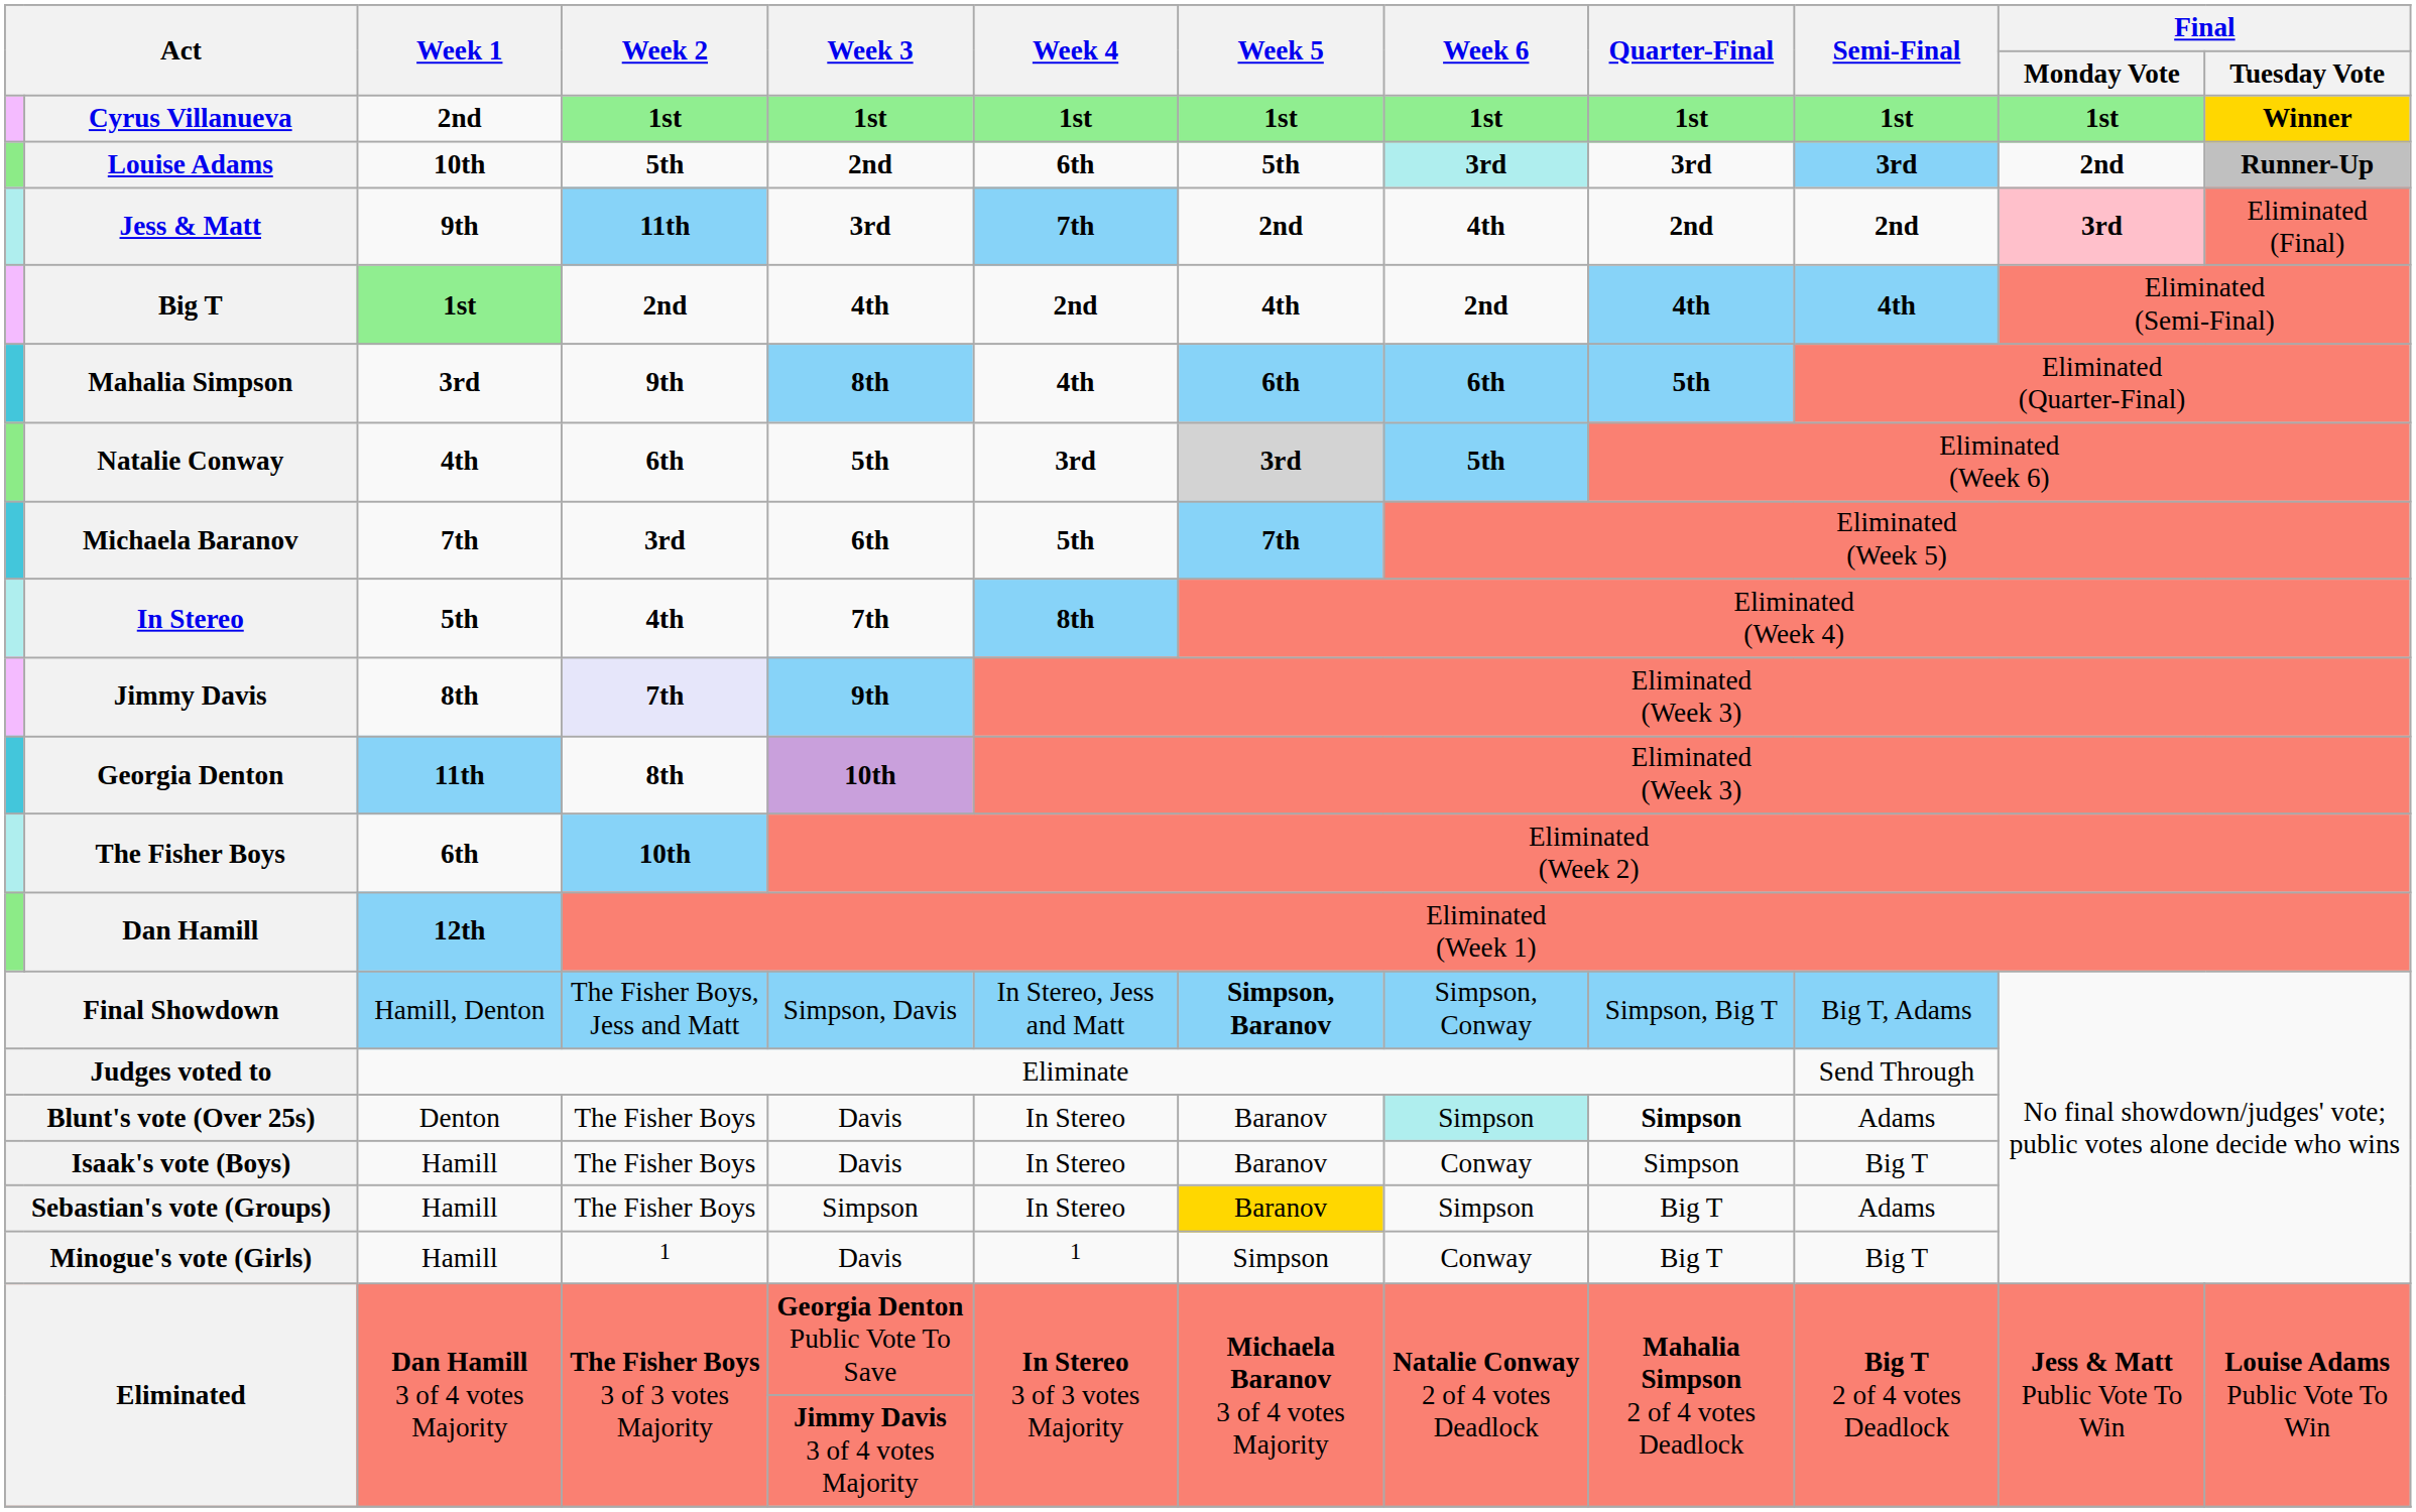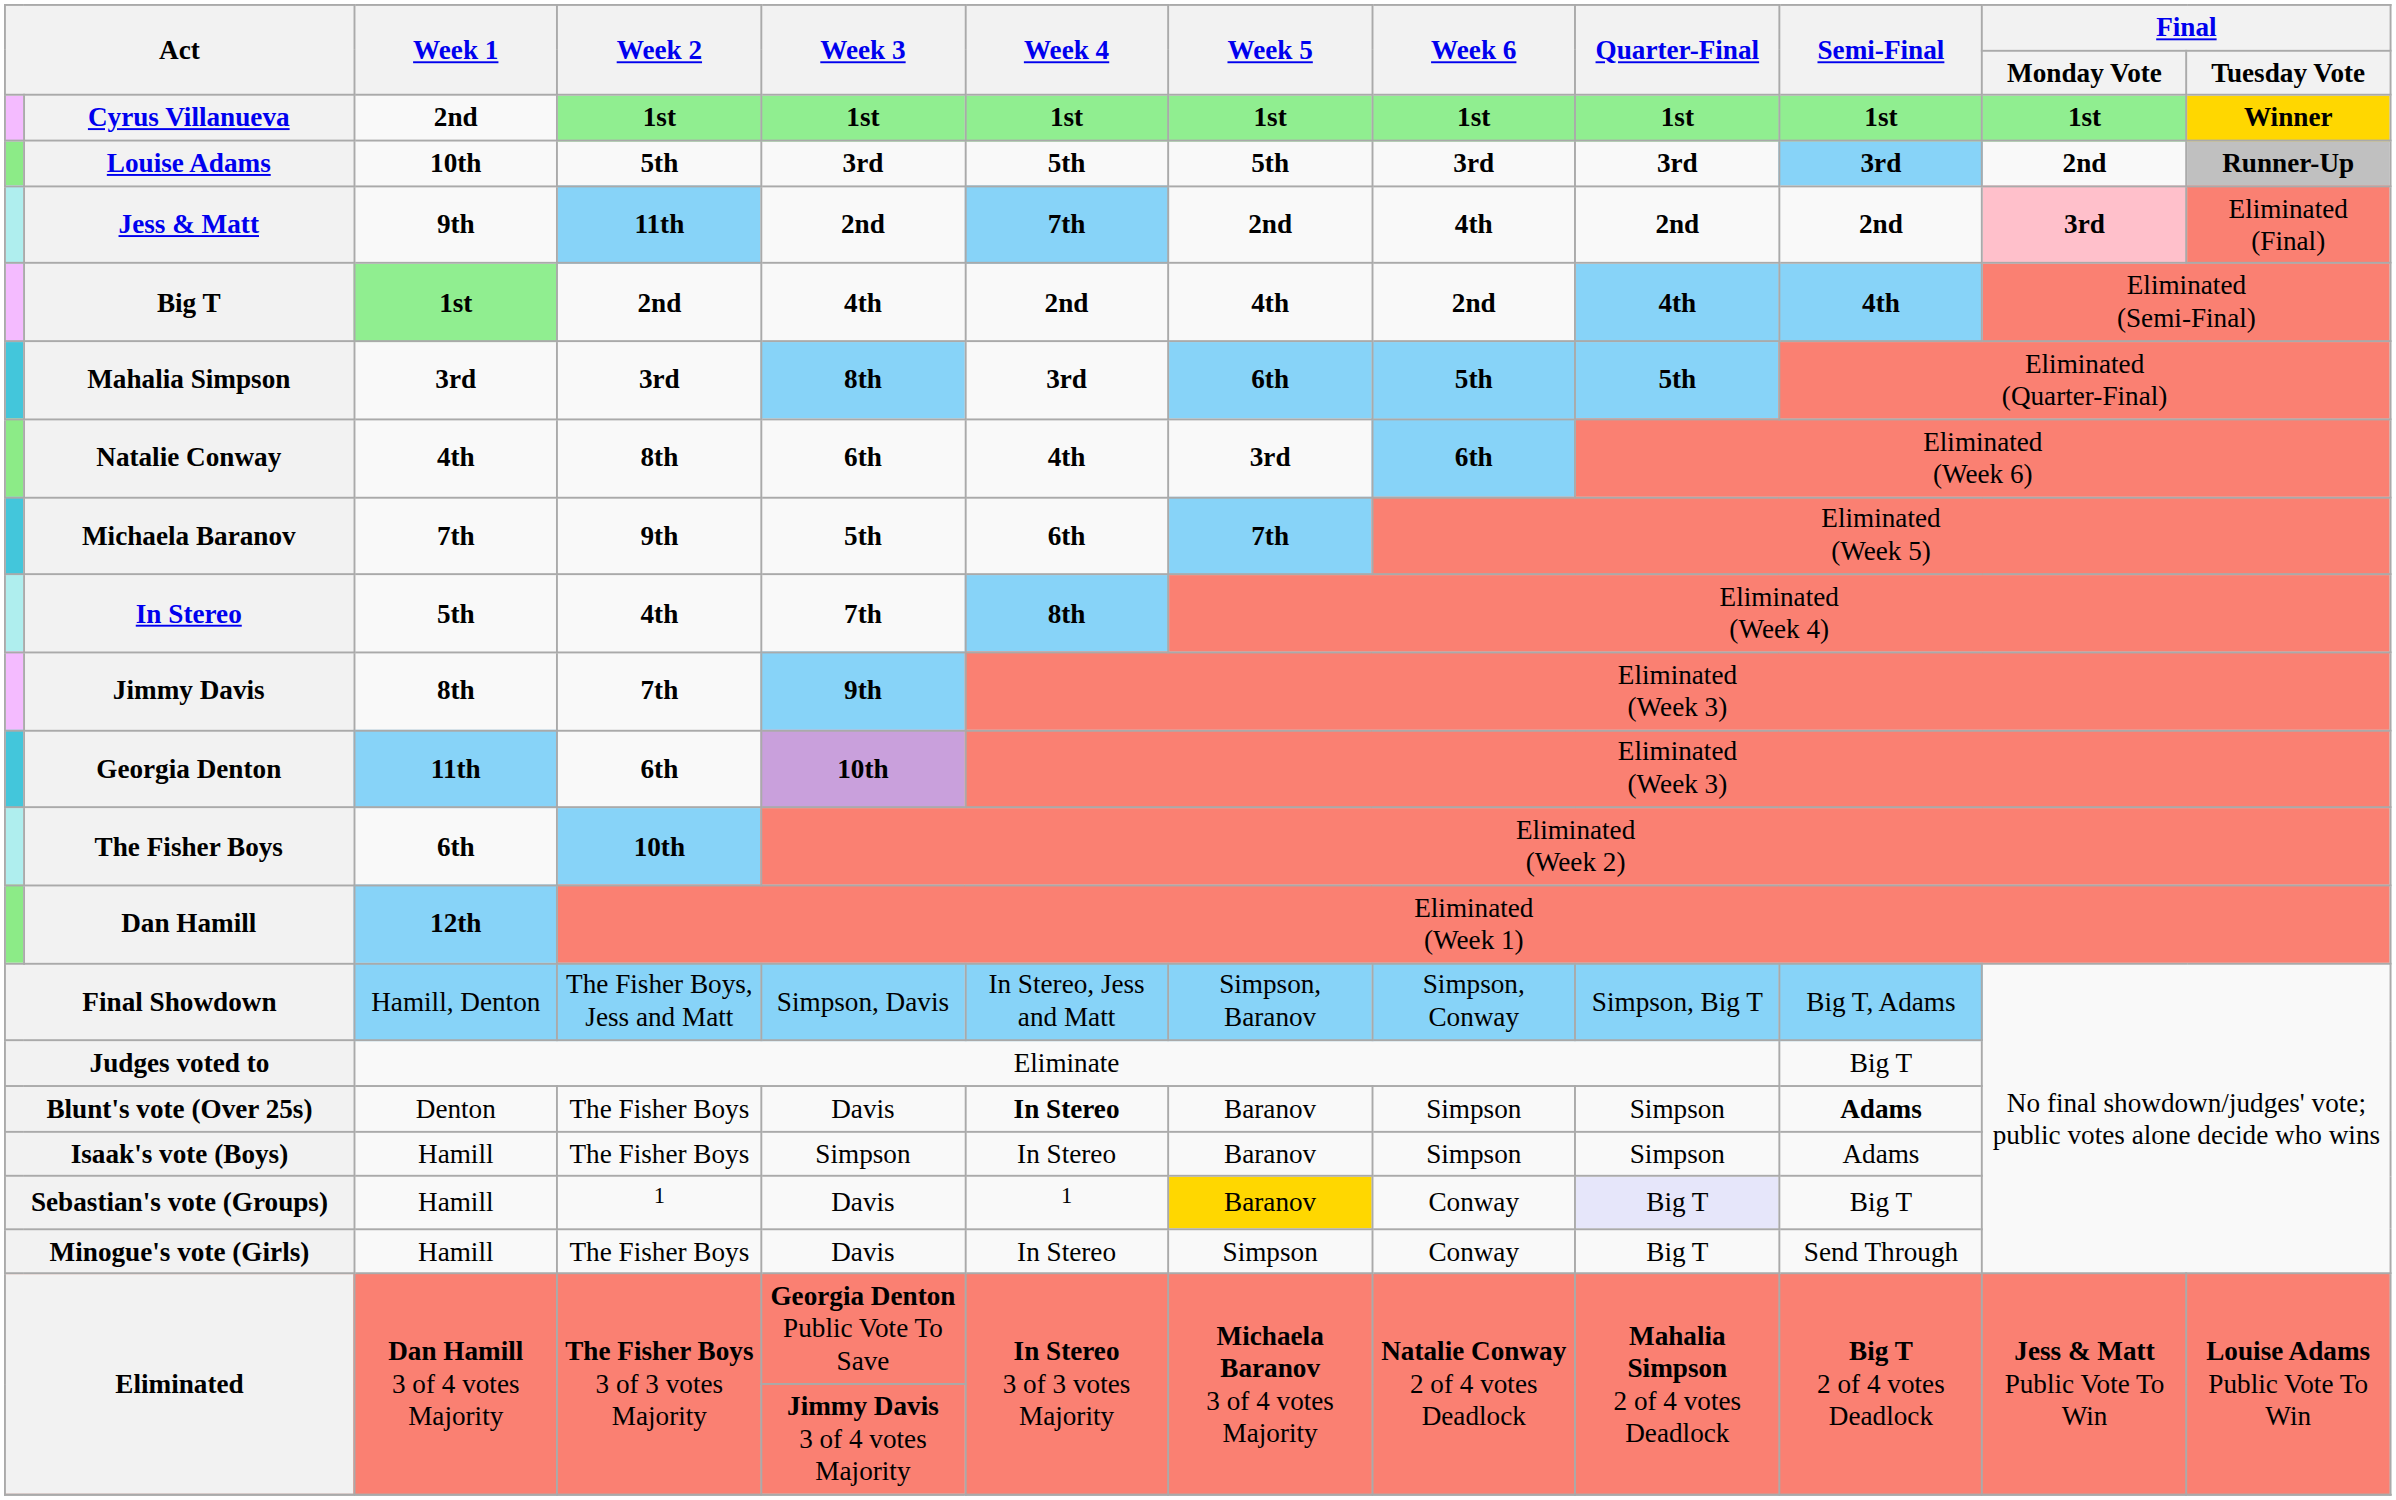 <table class="wikitable" style="text-align:center; font-size:89%">
 <tr>
 <th style="width:12%" rowspan="2" scope="col" colspan=2>Act</th>
 <th style="width:7%" rowspan="2" scope="col"><a href='#'>Week 1</a></th>
 <th style="width:7%" rowspan="2" scope="col"><a href='#'>Week 2</a></th>
 <th style="width:7%" rowspan="2" scope="col"><a href='#'>Week 3</a></th>
 <th style="width:7%" rowspan="2" scope="col"><a href='#'>Week 4</a></th>
 <th style="width:7%" rowspan="2" scope="col"><a href='#'>Week 5</a></th>
 <th style="width:7%" rowspan="2" scope="col"><a href='#'>Week 6</a></th>
 <th style="width:7%" rowspan="2" scope="col"><a href='#'>Quarter-Final</a></th>
 <th style="width:7%" rowspan="2" scope="col"><a href='#'>Semi-Final</a></th>
 <th style="width:7%" colspan="2" scope="col"><a href='#'>Final</a></th>
 </tr>
 <tr>
 <th style="width:7%">Monday Vote</th>
 <th style="width:7%">Tuesday Vote</th>
 </tr>
 <tr>
 <th style="background:#f4bbff"></th>
 <th scope="row"><a href='#'>Cyrus Villanueva</a></th>
 <td><strong>2nd</strong></td>
 <td style="background:lightgreen"><strong>1st</strong></td>
 <td style="background:lightgreen"><strong>1st</strong></td>
 <td style="background:lightgreen"><strong>1st</strong></td>
 <td style="background:lightgreen"><strong>1st</strong></td>
 <td style="background:lightgreen"><strong>1st</strong></td>
 <td style="background:lightgreen"><strong>1st</strong></td>
 <td style="background:lightgreen"><strong>1st</strong></td>
 <td style="background:lightgreen"><strong>1st</strong></td>
 <td style="background:#FFD700"><strong>Winner</strong></td>
 </tr>
 <tr>
 <th style="background:#8ceb87"></th>
 <th scope="row"><a href='#'>Louise Adams</a></th>
 <td><strong>10th</strong></td>
 <td><strong>5th</strong></td>
-<td><strong>2nd</strong></td>
-<td><strong>6th</strong></td>
+<td><strong>3rd</strong></td>
 <td><strong>5th</strong></td>
-<td style="background: paleturquoise;"><strong>3rd</strong></td>
+<td><strong>5th</strong></td>
+<td><strong>3rd</strong></td>
 <td><strong>3rd</strong></td>
 <td style="background:#87d3f8;"><strong>3rd</strong></td>
 <td><strong>2nd</strong></td>
 <td style="background:#C0C0C0"><strong>Runner-Up</strong></td>
 </tr>
 <tr>
 <th style="background:#afeeee"></th>
 <th scope="row"><a href='#'>Jess & Matt</a></th>
 <td><strong>9th</strong></td>
 <td style="background:#87d3f8;"><strong>11th</strong></td>
-<td><strong>3rd</strong></td>
+<td><strong>2nd</strong></td>
 <td style="background:#87d3f8;"><strong>7th</strong></td>
 <td><strong>2nd</strong></td>
 <td><strong>4th</strong></td>
 <td><strong>2nd</strong></td>
 <td><strong>2nd</strong></td>
 <td style="background:pink"><strong>3rd</strong></td>
 <td style="background:#FA8072">Eliminated<br>(Final)</td>
 </tr>
 <tr>
 <th style="background:#f4bbff"></th>
 <th scope="row">Big T</th>
 <td style="background:lightgreen"><strong>1st</strong></td>
 <td><strong>2nd</strong></td>
 <td><strong>4th</strong></td>
 <td><strong>2nd</strong></td>
 <td><strong>4th</strong></td>
 <td><strong>2nd</strong></td>
 <td style="background:#87d3f8;"><strong>4th</strong></td>
 <td style="background:#87d3f8;"><strong>4th</strong></td>
 <td style="background:#FA8072" colspan="2">Eliminated<br>(Semi-Final)</td>
 </tr>
 <tr>
 <th style="background:#43C6DB"></th>
 <th scope="row">Mahalia Simpson</th>
 <td><strong>3rd</strong></td>
-<td><strong>9th</strong></td>
+<td><strong>3rd</strong></td>
 <td style="background:#87d3f8;"><strong>8th</strong></td>
-<td><strong>4th</strong></td>
+<td><strong>3rd</strong></td>
 <td style="background:#87d3f8;"><strong>6th</strong></td>
-<td style="background:#87d3f8;"><strong>6th</strong></td>
+<td style="background:#87d3f8;"><strong>5th</strong></td>
 <td style="background:#87d3f8;"><strong>5th</strong></td>
 <td style="background:#FA8072" colspan="3">Eliminated<br>(Quarter-Final)</td>
 </tr>
 <tr>
 <th style="background:#8ceb87"></th>
 <th scope="row">Natalie Conway</th>
 <td><strong>4th</strong></td>
+<td><strong>8th</strong></td>
 <td><strong>6th</strong></td>
-<td><strong>5th</strong></td>
+<td><strong>4th</strong></td>
 <td><strong>3rd</strong></td>
-<td style="background: lightgrey;"><strong>3rd</strong></td>
-<td style="background:#87d3f8;"><strong>5th</strong></td>
+<td style="background:#87d3f8;"><strong>6th</strong></td>
 <td style="background:#FA8072" colspan="4">Eliminated<br>(Week 6)</td>
 </tr>
 <tr>
 <th style="background:#43C6DB"></th>
 <th scope="row">Michaela Baranov</th>
 <td><strong>7th</strong></td>
-<td><strong>3rd</strong></td>
+<td><strong>9th</strong></td>
+<td><strong>5th</strong></td>
 <td><strong>6th</strong></td>
-<td><strong>5th</strong></td>
 <td style="background:#87d3f8;"><strong>7th</strong></td>
 <td colspan="5" style="background:#FA8072">Eliminated<br>(Week 5)</td>
 </tr>
 <tr>
 <th style="background:#afeeee"></th>
 <th scope="row"><a href='#'>In Stereo</a></th>
 <td><strong>5th</strong></td>
 <td><strong>4th</strong></td>
 <td><strong>7th</strong></td>
 <td style="background:#87d3f8;"><strong>8th</strong></td>
 <td colspan="6" style="background:#FA8072">Eliminated<br>(Week 4)</td>
 </tr>
 <tr>
 <th style="background:#f4bbff"></th>
 <th scope="row">Jimmy Davis</th>
 <td><strong>8th</strong></td>
-<td style="background: lavender;"><strong>7th</strong></td>
+<td><strong>7th</strong></td>
 <td style="background:#87d3f8;"><strong>9th</strong></td>
 <td colspan="7" style="background:#FA8072">Eliminated<br>(Week 3)</td>
 </tr>
 <tr>
 <th style="background:#43C6DB"></th>
 <th scope="row">Georgia Denton</th>
 <td style="background:#87d3f8;"><strong>11th</strong></td>
-<td><strong>8th</strong></td>
+<td><strong>6th</strong></td>
 <td style="background:#C9A0DC"><strong>10th</strong></td>
 <td style="background:#FA8072" colspan="7">Eliminated<br>(Week 3)</td>
 </tr>
 <tr>
 <th style="background:#afeeee"></th>
 <th scope="row">The Fisher Boys</th>
 <td><strong>6th</strong></td>
 <td style="background:#87d3f8;"><strong>10th</strong></td>
 <td colspan="8" style="background:#FA8072">Eliminated<br>(Week 2)</td>
 </tr>
 <tr>
 <th style="background:#8ceb87"></th>
 <th scope="row">Dan Hamill</th>
 <td style="background:#87d3f8;"><strong>12th</strong></td>
 <td colspan="9" style="background:#FA8072">Eliminated<br>(Week 1)</td>
 </tr>
 <tr colspan="16">
 <th rowspan="1" colspan=2><strong>Final Showdown</strong></th>
 <td style="background:#87D3F8">Hamill, Denton</td>
 <td style="background:#87D3F8">The Fisher Boys, Jess and Matt</td>
 <td style="background:#87D3F8">Simpson, Davis</td>
 <td style="background:#87D3F8">In Stereo, Jess and Matt</td>
-<td style="background:#87D3F8"><strong>Simpson, Baranov</strong></td>
+<td style="background:#87D3F8">Simpson, Baranov</td>
 <td style="background:#87D3F8">Simpson, Conway</td>
 <td style="background:#87D3F8">Simpson, Big T</td>
 <td style="background:#87D3F8">Big T, Adams</td>
 <td rowspan="6" colspan="2">No final showdown/judges' vote; public votes alone decide who wins</td>
 </tr>
 <tr>
 <th scope="row" colspan=2>Judges voted to</th>
 <td colspan="7">Eliminate</td>
-<td>Send Through</td>
+<td>Big T</td>
 </tr>
 <tr>
 <th scope="row" colspan=2>Blunt's vote (Over 25s)</th>
 <td>Denton</td>
 <td>The Fisher Boys</td>
 <td>Davis</td>
-<td>In Stereo</td>
+<td><strong>In Stereo</strong></td>
 <td>Baranov</td>
-<td style="background: paleturquoise;">Simpson</td>
-<td><strong>Simpson</strong></td>
-<td>Adams</td>
+<td>Simpson</td>
+<td>Simpson</td>
+<td><strong>Adams</strong></td>
 </tr>
 <tr>
 <th scope="row" colspan=2>Isaak's vote (Boys)</th>
 <td>Hamill</td>
 <td>The Fisher Boys</td>
-<td>Davis</td>
+<td>Simpson</td>
 <td>In Stereo</td>
 <td>Baranov</td>
-<td>Conway</td>
 <td>Simpson</td>
-<td>Big T</td>
+<td>Simpson</td>
+<td>Adams</td>
 </tr>
 <tr>
 <th scope="row" colspan=2>Sebastian's vote (Groups)</th>
 <td>Hamill</td>
-<td>The Fisher Boys</td>
-<td>Simpson</td>
-<td>In Stereo</td>
+<td><sup>1</sup></td>
+<td>Davis</td>
+<td><sup>1</sup></td>
 <td style="background: gold;">Baranov</td>
-<td>Simpson</td>
+<td>Conway</td>
+<td style="background: lavender;">Big T</td>
 <td>Big T</td>
-<td>Adams</td>
 </tr>
 <tr>
 <th scope="row" colspan=2>Minogue's vote (Girls)</th>
 <td>Hamill</td>
-<td><sup>1</sup></td>
+<td>The Fisher Boys</td>
 <td>Davis</td>
-<td><sup>1</sup></td>
+<td>In Stereo</td>
 <td>Simpson</td>
 <td>Conway</td>
 <td>Big T</td>
-<td>Big T</td>
+<td>Send Through</td>
 </tr>
 <tr style="background:#FA8072;">
 <th scope="row" rowspan="2" colspan=2>Eliminated</th>
 <td style="background:#FA8072" rowspan="2"><strong>Dan Hamill</strong> <br>3 of 4 votes<br>Majority</td>
 <td style="background:#FA8072" rowspan="2"><strong>The Fisher Boys</strong> <br>3 of 3 votes<br>Majority</td>
 <td style="background:#FA8072"><strong>Georgia Denton</strong> <br> Public Vote To Save</td>
 <td style="background:#FA8072" rowspan="2"><strong>In Stereo</strong> <br>3 of 3 votes<br>Majority</td>
 <td style="background:#FA8072" rowspan="2"><strong>Michaela Baranov</strong> <br>3 of 4 votes<br>Majority</td>
 <td style="background:#FA8072" rowspan="2"><strong>Natalie Conway</strong> <br>2 of 4 votes<br>Deadlock</td>
 <td style="background:#FA8072" rowspan="2"><strong>Mahalia Simpson</strong> <br>2 of 4 votes<br>Deadlock</td>
 <td style="background:#FA8072" rowspan="2"><strong>Big T</strong> <br>2 of 4 votes<br>Deadlock</td>
 <td style="background:#FA8072" rowspan="2"><strong>Jess & Matt</strong> <br> Public Vote To Win</td>
 <td style="background:#FA8072" rowspan=2><strong>Louise Adams</strong> <br> Public Vote To Win</td>
 </tr>
 <tr>
 <td style="background:#FA8072"><strong>Jimmy Davis</strong> <br>3 of 4 votes<br>Majority</td>
 </tr>
 <tr>
 </tr>
 </table>
